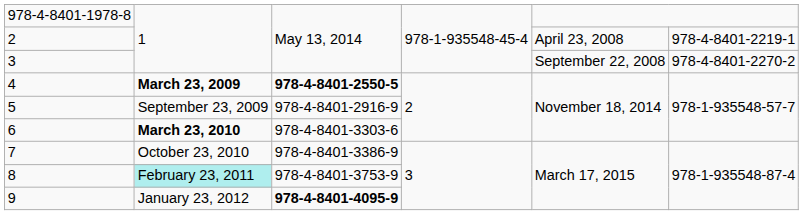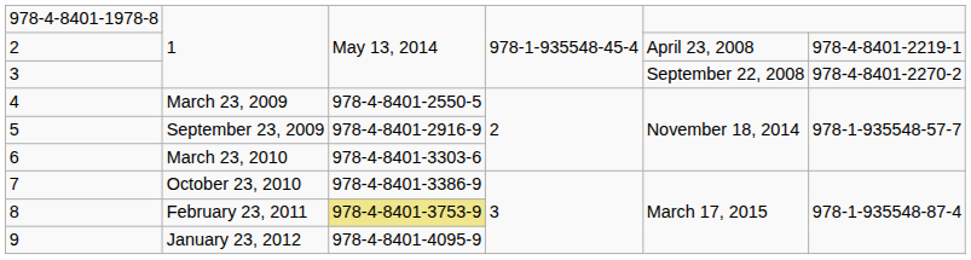 <table class=wikitable >
 <tr>
 <td>978-4-8401-1978-8</td>
 <td rowspan=3>1</td>
 <td rowspan=3>May 13, 2014</td>
 <td rowspan=3>978-1-935548-45-4</td>
 </tr>
 <tr>
 <td>2</td>
 <td>April 23, 2008</td>
 <td>978-4-8401-2219-1</td>
 </tr>
 <tr>
 <td>3</td>
 <td>September 22, 2008</td>
 <td>978-4-8401-2270-2</td>
 </tr>
 <tr>
 <td>4</td>
-<td><strong>March 23, 2009</strong></td>
-<td><strong>978-4-8401-2550-5</strong></td>
+<td>March 23, 2009</td>
+<td>978-4-8401-2550-5</td>
 <td rowspan=3>2</td>
 <td rowspan=3>November 18, 2014</td>
 <td rowspan=3>978-1-935548-57-7</td>
 </tr>
 <tr>
 <td>5</td>
 <td>September 23, 2009</td>
 <td>978-4-8401-2916-9</td>
 </tr>
 <tr>
 <td>6</td>
-<td><strong>March 23, 2010</strong></td>
+<td>March 23, 2010</td>
 <td>978-4-8401-3303-6</td>
 </tr>
 <tr>
 <td>7</td>
 <td>October 23, 2010</td>
 <td>978-4-8401-3386-9</td>
 <td rowspan=3>3</td>
 <td rowspan=3>March 17, 2015</td>
 <td rowspan=3>978-1-935548-87-4</td>
 </tr>
 <tr>
 <td>8</td>
-<td style="background: paleturquoise;">February 23, 2011</td>
-<td>978-4-8401-3753-9</td>
+<td>February 23, 2011</td>
+<td style="background: khaki;">978-4-8401-3753-9</td>
 </tr>
 <tr>
 <td>9</td>
 <td>January 23, 2012</td>
-<td><strong>978-4-8401-4095-9</strong></td>
+<td>978-4-8401-4095-9</td>
 </tr>
 </table>
